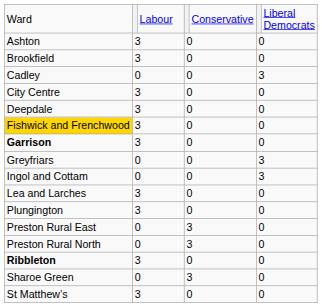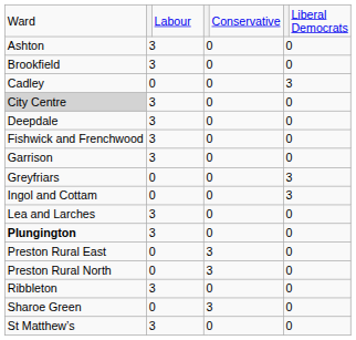 <table class="wikitable" style="font-size:95%;">
 <tr>
 <td>Ward</td>
 <th style="background-color: "></th>
 <td width="60"><a href='#'>Labour</a></td>
 <th style="background-color: "></th>
 <td width="60"><a href='#'>Conservative</a></td>
 <th style="background-color: "></th>
 <td width="60"><a href='#'>Liberal Democrats</a></td>
 </tr>
 <tr>
 <td>Ashton</td>
 <td colspan="2">3</td>
 <td colspan="2">0</td>
 <td colspan="2">0</td>
 </tr>
 <tr>
 <td>Brookfield</td>
 <td colspan="2">3</td>
 <td colspan="2">0</td>
 <td colspan="2">0</td>
 </tr>
 <tr>
 <td>Cadley</td>
 <td colspan="2">0</td>
 <td colspan="2">0</td>
 <td colspan="2">3</td>
 </tr>
 <tr>
-<td>City Centre</td>
+<td style="background: lightgrey;">City Centre</td>
 <td colspan="2">3</td>
 <td colspan="2">0</td>
 <td colspan="2">0</td>
 </tr>
 <tr>
 <td>Deepdale</td>
 <td colspan="2">3</td>
 <td colspan="2">0</td>
 <td colspan="2">0</td>
 </tr>
 <tr>
-<td style="background: gold;">Fishwick and Frenchwood</td>
+<td>Fishwick and Frenchwood</td>
 <td colspan="2">3</td>
 <td colspan="2">0</td>
 <td colspan="2">0</td>
 </tr>
 <tr>
-<td><strong>Garrison</strong></td>
+<td>Garrison</td>
 <td colspan="2">3</td>
 <td colspan="2">0</td>
 <td colspan="2">0</td>
 </tr>
 <tr>
 <td>Greyfriars</td>
 <td colspan="2">0</td>
 <td colspan="2">0</td>
 <td colspan="2">3</td>
 </tr>
 <tr>
 <td>Ingol and Cottam</td>
 <td colspan="2">0</td>
 <td colspan="2">0</td>
 <td colspan="2">3</td>
 </tr>
 <tr>
 <td>Lea and Larches</td>
 <td colspan="2">3</td>
 <td colspan="2">0</td>
 <td colspan="2">0</td>
 </tr>
 <tr>
-<td>Plungington</td>
+<td><strong>Plungington</strong></td>
 <td colspan="2">3</td>
 <td colspan="2">0</td>
 <td colspan="2">0</td>
 </tr>
 <tr>
 <td>Preston Rural East</td>
 <td colspan="2">0</td>
 <td colspan="2">3</td>
 <td colspan="2">0</td>
 </tr>
 <tr>
 <td>Preston Rural North</td>
 <td colspan="2">0</td>
 <td colspan="2">3</td>
 <td colspan="2">0</td>
 </tr>
 <tr>
-<td><strong>Ribbleton</strong></td>
+<td>Ribbleton</td>
 <td colspan="2">3</td>
 <td colspan="2">0</td>
 <td colspan="2">0</td>
 </tr>
 <tr>
 <td>Sharoe Green</td>
 <td colspan="2">0</td>
 <td colspan="2">3</td>
 <td colspan="2">0</td>
 </tr>
 <tr>
 <td>St Matthew’s</td>
 <td colspan="2">3</td>
 <td colspan="2">0</td>
 <td colspan="2">0</td>
 </tr>
 </table>
